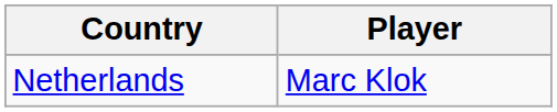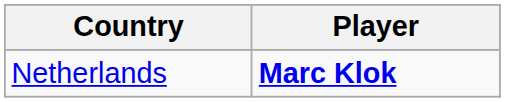 <table class="wikitable">
 <tr>
 <th style="width:130px;">Country</th>
 <th style="width:130px;">Player</th>
 </tr>
 <tr>
 <td> <a href='#'>Netherlands</a></td>
-<td><a href='#'>Marc Klok</a></td>
+<td><strong><a href='#'>Marc Klok</a></strong></td>
 </tr>
 </table>
